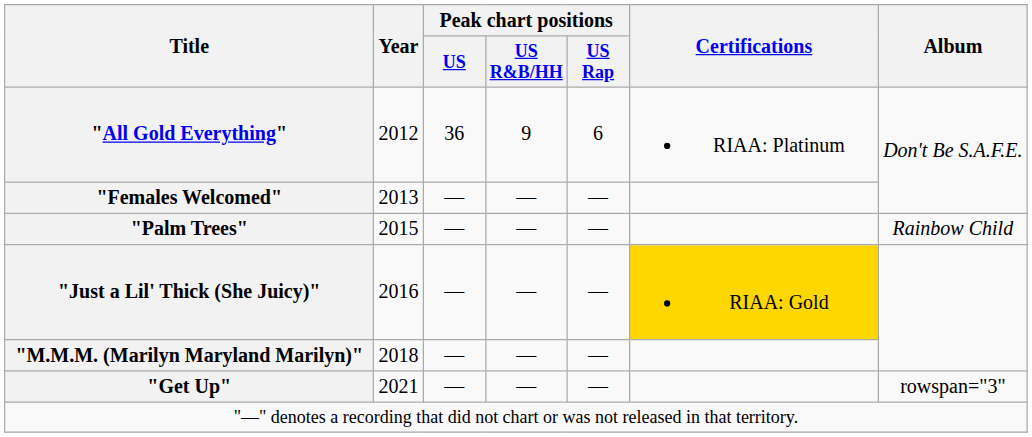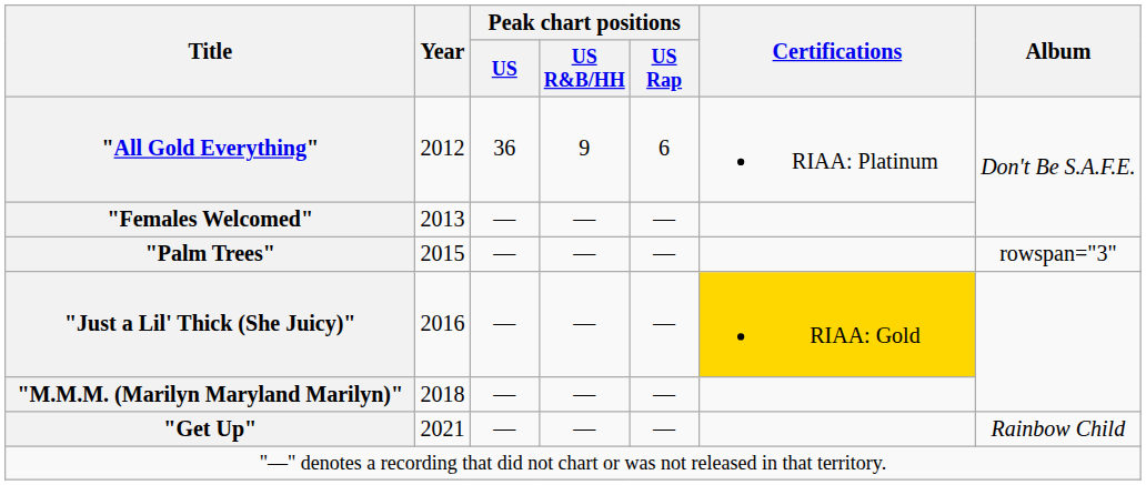 <table class="wikitable plainrowheaders" style="text-align:center;">
 <tr>
 <th scope="col" rowspan="2" style="width:18em;">Title</th>
 <th scope="col" rowspan="2">Year</th>
 <th scope="col" colspan="3">Peak chart positions</th>
 <th scope="col" rowspan="2" style="width:12em;"><a href='#'>Certifications</a></th>
 <th scope="col" rowspan="2">Album</th>
 </tr>
 <tr>
 <th scope="col" style="width:3em;font-size:90%;"><a href='#'>US</a><br></th>
 <th scope="col" style="width:3em;font-size:90%;"><a href='#'>US<br>R&B/HH</a><br></th>
 <th scope="col" style="width:3em;font-size:90%;"><a href='#'>US Rap</a><br></th>
 </tr>
 <tr>
 <th scope="row">"<a href='#'>All Gold Everything</a>"</th>
 <td>2012</td>
 <td>36</td>
 <td>9</td>
 <td>6</td>
 <td><br><ul><li>RIAA: Platinum</li></ul></td>
 <td rowspan="2"><em>Don't Be S.A.F.E.</em></td>
 </tr>
 <tr>
 <th scope="row">"Females Welcomed"</th>
 <td>2013</td>
 <td>—</td>
 <td>—</td>
 <td>—</td>
 <td></td>
 </tr>
 <tr>
 <th scope="row">"Palm Trees"<br></th>
 <td>2015</td>
 <td>—</td>
 <td>—</td>
 <td>—</td>
 <td></td>
-<td><em>Rainbow Child</em></td>
+<td>rowspan="3" </td>
 </tr>
 <tr>
 <th scope="row">"Just a Lil' Thick (She Juicy)"<br></th>
 <td>2016</td>
 <td>—</td>
 <td>—</td>
 <td>—</td>
 <td style="background: gold;"><br><ul><li>RIAA: Gold</li></ul></td>
 </tr>
 <tr>
 <th scope="row">"M.M.M. (Marilyn Maryland Marilyn)"</th>
 <td>2018</td>
 <td>—</td>
 <td>—</td>
 <td>—</td>
 <td></td>
 </tr>
 <tr>
 <th scope="row">"Get Up"<br></th>
 <td>2021</td>
 <td>—</td>
 <td>—</td>
 <td>—</td>
 <td></td>
-<td>rowspan="3" </td>
+<td><em>Rainbow Child</em></td>
 </tr>
 <tr>
 <td colspan="13" style="font-size:90%">"—" denotes a recording that did not chart or was not released in that territory.</td>
 </tr>
 </table>
